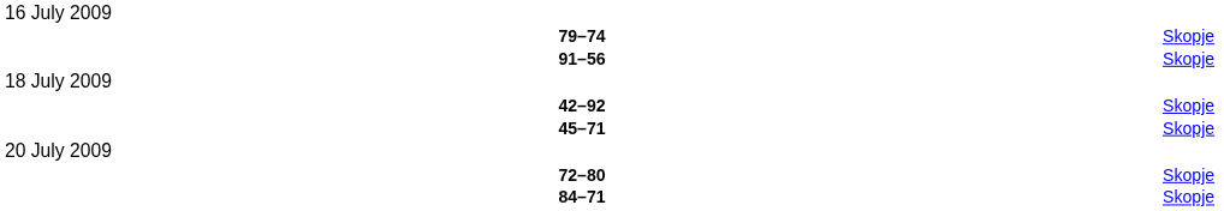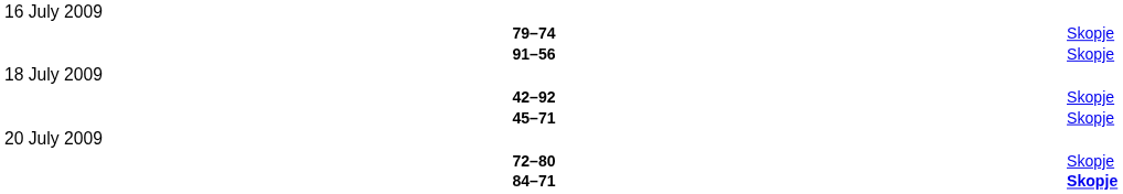 <table style="width:100%;" cellspacing="1">
 <tr>
 <th width=25%></th>
 <th width=3%></th>
 <th width=6%></th>
 <th width=3%></th>
 <th width=25%></th>
 </tr>
 <tr>
 <td>16 July 2009</td>
 </tr>
 <tr style=font-size:90%>
 <td align=right><strong></strong></td>
 <td></td>
 <td align=center><strong>79–74</strong></td>
 <td></td>
 <td><strong></strong></td>
 <td><a href='#'>Skopje</a></td>
 </tr>
 <tr style=font-size:90%>
 <td align=right><strong></strong></td>
 <td></td>
 <td align=center><strong>91–56</strong></td>
 <td></td>
 <td><strong></strong></td>
 <td><a href='#'>Skopje</a></td>
 </tr>
 <tr>
 <td>18 July 2009</td>
 </tr>
 <tr style=font-size:90%>
 <td align=right><strong></strong></td>
 <td></td>
 <td align=center><strong>42–92</strong></td>
 <td></td>
 <td><strong></strong></td>
 <td><a href='#'>Skopje</a></td>
 </tr>
 <tr style=font-size:90%>
 <td align=right><strong></strong></td>
 <td></td>
 <td align=center><strong>45–71</strong></td>
 <td></td>
 <td><strong></strong></td>
 <td><a href='#'>Skopje</a></td>
 </tr>
 <tr>
 <td>20 July 2009</td>
 </tr>
 <tr style=font-size:90%>
 <td align=right><strong></strong></td>
 <td></td>
 <td align=center><strong>72–80</strong></td>
 <td></td>
 <td><strong></strong></td>
 <td><a href='#'>Skopje</a></td>
 </tr>
 <tr style=font-size:90%>
 <td align=right><strong></strong></td>
 <td></td>
 <td align=center><strong>84–71</strong></td>
 <td></td>
 <td><strong></strong></td>
-<td><a href='#'>Skopje</a></td>
+<td><strong><a href='#'>Skopje</a></strong></td>
 </tr>
 </table>
